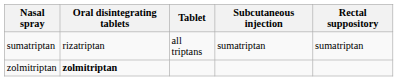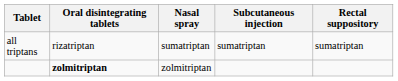 <table class="wikitable">
 <tr>
+<th>Tablet</th>
+<th>Oral disintegrating tablets</th>
 <th>Nasal spray</th>
-<th>Oral disintegrating tablets</th>
-<th>Tablet</th>
 <th>Subcutaneous injection</th>
 <th>Rectal suppository</th>
 </tr>
 <tr>
+<td>all triptans</td>
+<td>rizatriptan</td>
 <td>sumatriptan</td>
-<td>rizatriptan</td>
-<td>all triptans</td>
 <td>sumatriptan</td>
 <td>sumatriptan</td>
 </tr>
 <tr>
+<td></td>
+<td><strong>zolmitriptan</strong></td>
 <td>zolmitriptan</td>
-<td><strong>zolmitriptan</strong></td>
-<td></td>
 <td></td>
 <td></td>
 </tr>
 </table>
